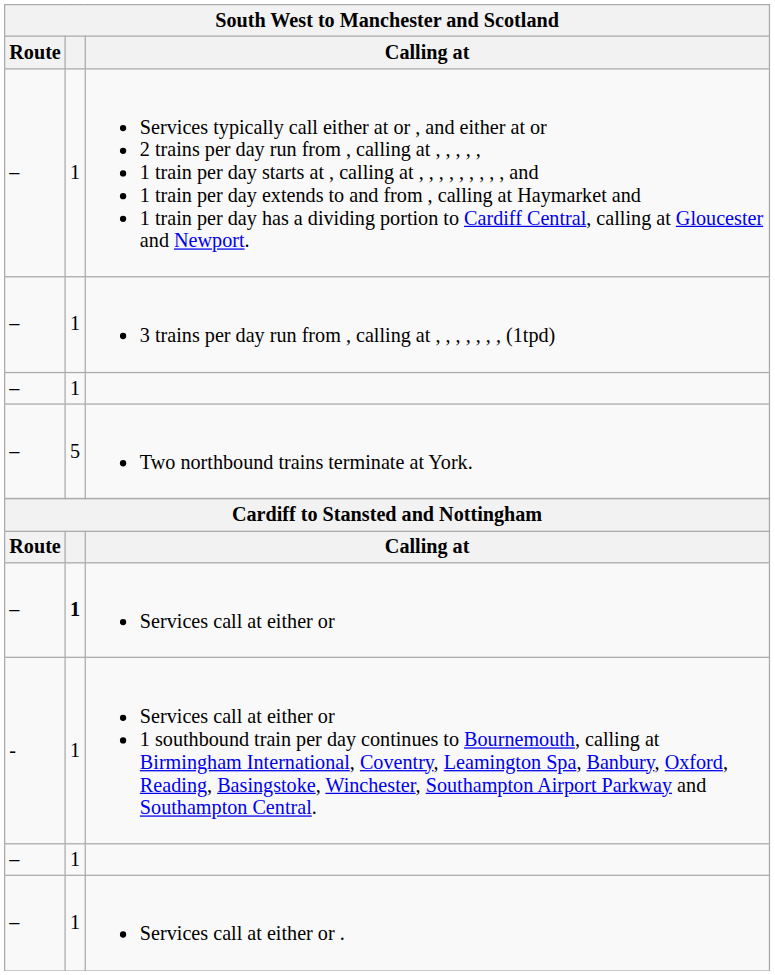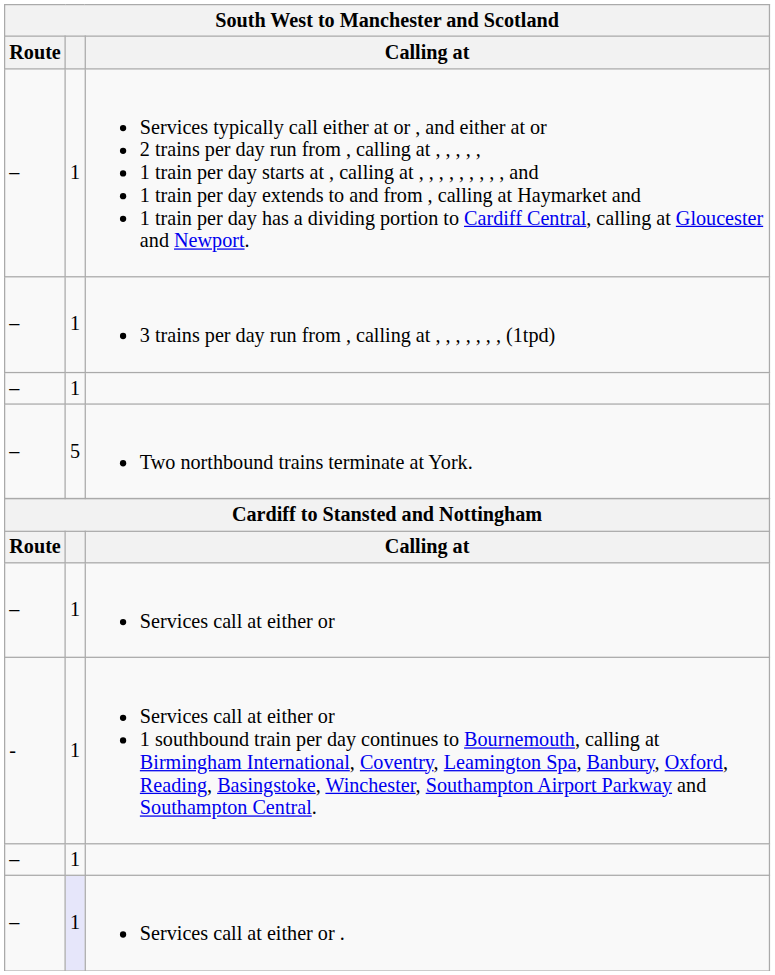 <table class="wikitable">
 <tr>
 <th colspan="4">South West to Manchester and Scotland</th>
 </tr>
 <tr>
 <th>Route</th>
 <th></th>
 <th>Calling at</th>
 </tr>
 <tr>
 <td> – </td>
 <td>1</td>
 <td><br><ul><li>Services typically call either at  or , and either at  or </li><li>2 trains per day run from , calling at , , , , , </li><li>1 train per day starts at , calling at , , , , , , , , ,  and </li><li>1 train per day extends to and from , calling at Haymarket and </li><li>1 train per day has a dividing portion to <a href='#'>Cardiff Central</a>, calling at <a href='#'>Gloucester</a> and <a href='#'>Newport</a>.</li></ul></td>
 </tr>
 <tr>
 <td> – </td>
 <td>1</td>
 <td><br><ul><li>3 trains per day run from , calling at , , , , , , ,  (1tpd)</li></ul></td>
 </tr>
 <tr>
 <td> – </td>
 <td>1</td>
 <td></td>
 </tr>
 <tr>
 <td> – </td>
 <td>5</td>
 <td><br><ul><li>Two northbound trains terminate at York.</li></ul></td>
 </tr>
 <tr>
 </tr>
 <tr>
 <th colspan="4">Cardiff to Stansted and Nottingham</th>
 </tr>
 <tr>
 <th>Route</th>
 <th></th>
 <th>Calling at</th>
 </tr>
 <tr>
 <td> – </td>
-<td><strong>1</strong></td>
+<td>1</td>
 <td><br><ul><li>Services call at either  or </li></ul></td>
 </tr>
 <tr>
 <td> - </td>
 <td>1</td>
 <td><br><ul><li>Services call at either  or </li><li>1 southbound train per day continues to <a href='#'>Bournemouth</a>, calling at <a href='#'>Birmingham International</a>, <a href='#'>Coventry</a>, <a href='#'>Leamington Spa</a>, <a href='#'>Banbury</a>, <a href='#'>Oxford</a>, <a href='#'>Reading</a>, <a href='#'>Basingstoke</a>, <a href='#'>Winchester</a>, <a href='#'>Southampton Airport Parkway</a> and <a href='#'>Southampton Central</a>.</li></ul></td>
 </tr>
 <tr>
 <td> – </td>
 <td>1</td>
 <td></td>
 </tr>
 <tr>
 <td> – </td>
-<td>1</td>
+<td style="background: lavender;">1</td>
 <td><br><ul><li>Services call at either  or .</li></ul></td>
 </tr>
 </table>
